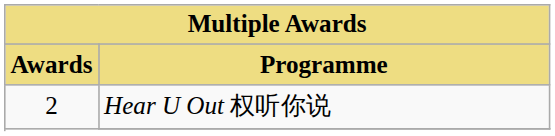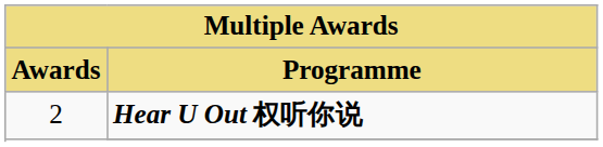 <table class="wikitable plainrowheaders">
 <tr>
 <th colspan=2 align=center style="background:#EEDD82">Multiple Awards</th>
 </tr>
 <tr>
 <th scope="col" style="background-color:#EEDD82 ;width:050px;">Awards</th>
 <th scope="col" style="background-color:#EEDD82 ; width:280px;">Programme</th>
 </tr>
 <tr>
 <td rowspan=2 scope=row style="text-align:center">2</td>
-<td><em>Hear U Out</em> 权听你说</td>
+<td><strong><em>Hear U Out</em> 权听你说</strong></td>
 </tr>
 <tr>
 </tr>
 </table>
